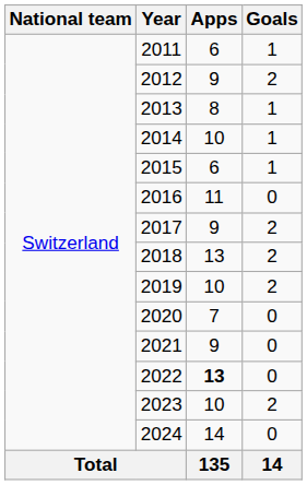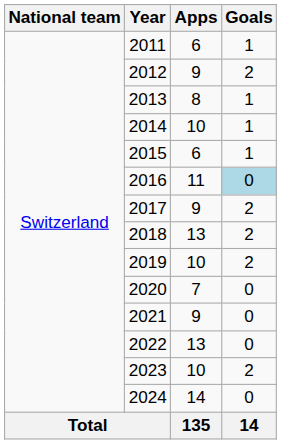 <table class="wikitable" style="text-align: center;">
 <tr>
 <th>National team</th>
 <th>Year</th>
 <th>Apps</th>
 <th>Goals</th>
 </tr>
 <tr>
 <td rowspan="14"><a href='#'>Switzerland</a></td>
 <td>2011</td>
 <td>6</td>
 <td>1</td>
 </tr>
 <tr>
 <td>2012</td>
 <td>9</td>
 <td>2</td>
 </tr>
 <tr>
 <td>2013</td>
 <td>8</td>
 <td>1</td>
 </tr>
 <tr>
 <td>2014</td>
 <td>10</td>
 <td>1</td>
 </tr>
 <tr>
 <td>2015</td>
 <td>6</td>
 <td>1</td>
 </tr>
 <tr>
 <td>2016</td>
 <td>11</td>
-<td>0</td>
+<td style="background: lightblue;">0</td>
 </tr>
 <tr>
 <td>2017</td>
 <td>9</td>
 <td>2</td>
 </tr>
 <tr>
 <td>2018</td>
 <td>13</td>
 <td>2</td>
 </tr>
 <tr>
 <td>2019</td>
 <td>10</td>
 <td>2</td>
 </tr>
 <tr>
 <td>2020</td>
 <td>7</td>
 <td>0</td>
 </tr>
 <tr>
 <td>2021</td>
 <td>9</td>
 <td>0</td>
 </tr>
 <tr>
 <td>2022</td>
-<td><strong>13</strong></td>
+<td>13</td>
 <td>0</td>
 </tr>
 <tr>
 <td>2023</td>
 <td>10</td>
 <td>2</td>
 </tr>
 <tr>
 <td>2024</td>
 <td>14</td>
 <td>0</td>
 </tr>
 <tr>
 <th colspan="2">Total</th>
 <th>135</th>
 <th>14</th>
 </tr>
 </table>
